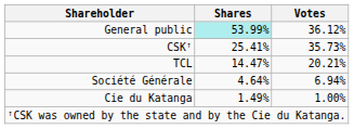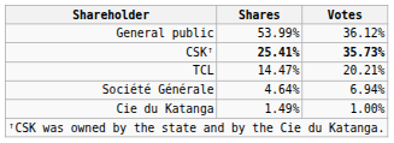 <table class="wikitable sortable" style="text-align:right">
 <tr>
 <th>Shareholder</th>
 <th>Shares</th>
 <th>Votes</th>
 </tr>
 <tr>
 <td>General public</td>
-<td style="background: paleturquoise;">53.99%</td>
+<td>53.99%</td>
 <td>36.12%</td>
 </tr>
 <tr>
 <td>CSKꜛ</td>
-<td>25.41%</td>
-<td>35.73%</td>
+<td><strong>25.41%</strong></td>
+<td><strong>35.73%</strong></td>
 </tr>
 <tr>
 <td>TCL</td>
 <td>14.47%</td>
 <td>20.21%</td>
 </tr>
 <tr>
 <td>Société Générale</td>
 <td>4.64%</td>
 <td>6.94%</td>
 </tr>
 <tr>
 <td>Cie du Katanga</td>
 <td>1.49%</td>
 <td>1.00%</td>
 </tr>
 <tr>
 <td colspan=3>ꜛCSK was owned  by the state and  by the Cie du Katanga.</td>
 </tr>
 </table>
